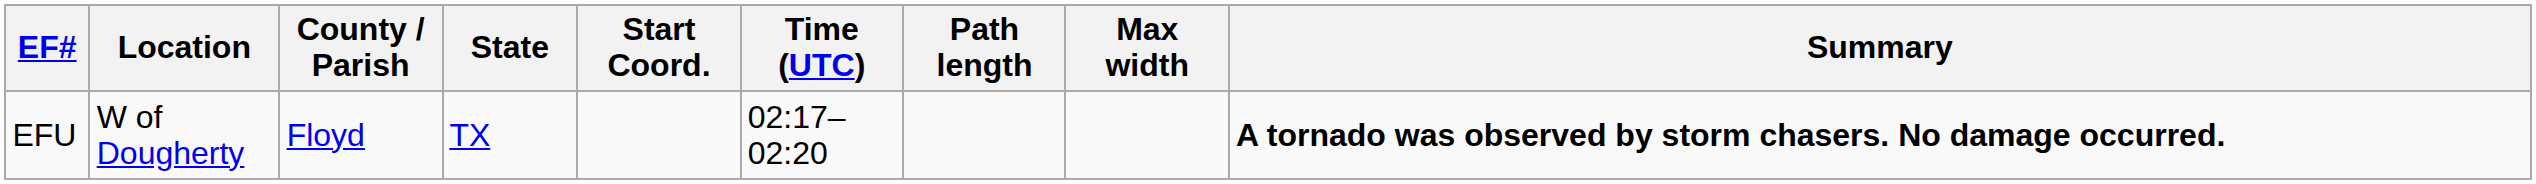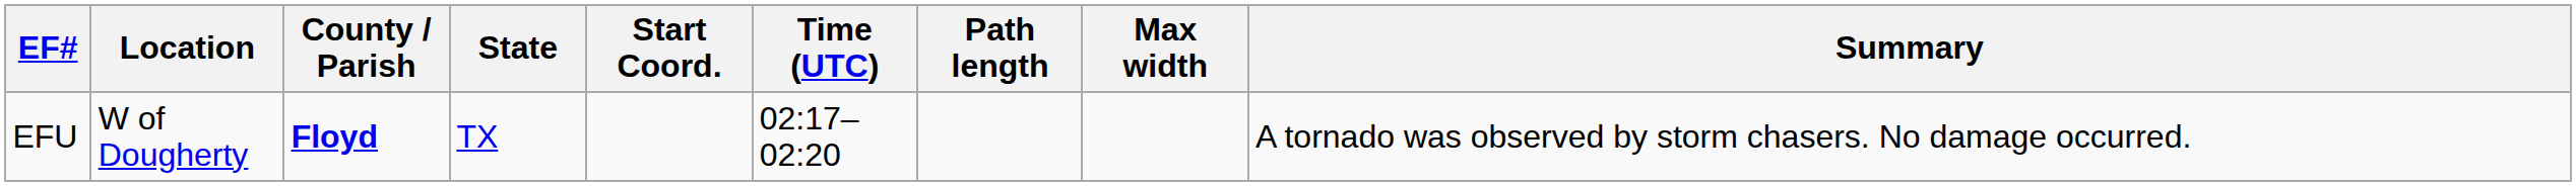 <table class="wikitable sortable" style="width:100%;">
 <tr>
 <th scope="col" style="width:3%; text-align:center;"><a href='#'>EF#</a></th>
 <th scope="col" style="width:7%; text-align:center;" class="unsortable">Location</th>
 <th scope="col" style="width:6%; text-align:center;" class="unsortable">County / Parish</th>
 <th scope="col" style="width:5%; text-align:center;">State</th>
 <th scope="col" style="width:6%; text-align:center;">Start Coord.</th>
 <th scope="col" style="width:6%; text-align:center;">Time (<a href='#'>UTC</a>)</th>
 <th scope="col" style="width:6%; text-align:center;">Path length</th>
 <th scope="col" style="width:6%; text-align:center;">Max width</th>
 <th scope="col" class="unsortable" style="width:48%; text-align:center;">Summary</th>
 </tr>
 <tr>
 <td>EFU</td>
 <td>W of <a href='#'>Dougherty</a></td>
-<td><a href='#'>Floyd</a></td>
+<td><strong><a href='#'>Floyd</a></strong></td>
 <td><a href='#'>TX</a></td>
 <td></td>
 <td>02:17–02:20</td>
 <td></td>
 <td></td>
-<td><strong>A tornado was observed by storm chasers. No damage occurred.</strong></td>
+<td>A tornado was observed by storm chasers. No damage occurred.</td>
 </tr>
 <tr>
 </tr>
 </table>
